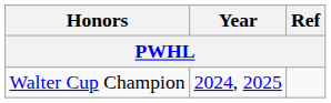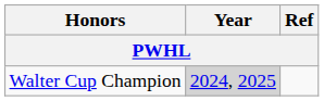 <table class="wikitable">
 <tr>
 <th>Honors</th>
 <th>Year</th>
 <th>Ref</th>
 </tr>
 <tr>
 <th colspan="3"><a href='#'>PWHL</a></th>
 </tr>
 <tr>
 <td><a href='#'>Walter Cup</a> Champion</td>
-<td><a href='#'>2024</a>, <a href='#'>2025</a></td>
+<td style="background: lightgrey;"><a href='#'>2024</a>, <a href='#'>2025</a></td>
 <td></td>
 </tr>
 </table>
